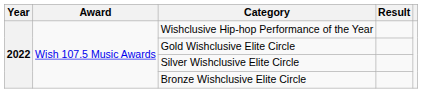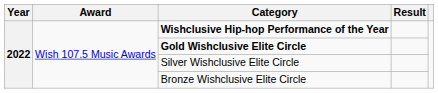 <table class="wikitable">
 <tr>
 <th>Year</th>
 <th>Award</th>
 <th>Category</th>
 <th>Result</th>
 <th></th>
 </tr>
 <tr>
 <th rowspan="4">2022</th>
 <td rowspan="4"><a href='#'>Wish 107.5 Music Awards</a></td>
-<td>Wishclusive Hip-hop Performance of the Year</td>
+<td><strong>Wishclusive Hip-hop Performance of the Year</strong></td>
 <td></td>
 <td rowspan="4"></td>
 </tr>
 <tr>
-<td>Gold Wishclusive Elite Circle</td>
+<td><strong>Gold Wishclusive Elite Circle</strong></td>
 <td></td>
 </tr>
 <tr>
 <td>Silver Wishclusive Elite Circle</td>
 <td></td>
 </tr>
 <tr>
 <td>Bronze Wishclusive Elite Circle</td>
 <td></td>
 </tr>
 </table>
